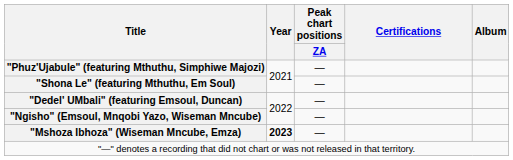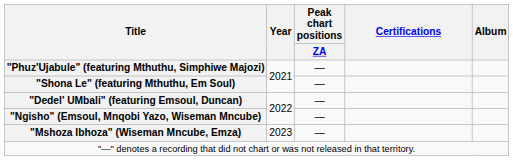 <table class="wikitable plainrowheaders" style="text-align:center;">
 <tr>
 <th scope="col" rowspan="2">Title</th>
 <th scope="col" rowspan="2">Year</th>
 <th scope="col" colspan="1">Peak chart positions</th>
 <th scope="col" rowspan="2" style="width:12em;"><a href='#'>Certifications</a></th>
 <th scope="col" rowspan="2">Album</th>
 </tr>
 <tr>
 <th scope="col" style="width:3em;font-size:100%;"><a href='#'>ZA</a><br></th>
 </tr>
 <tr>
 <th scope="row">"Phuz'Ujabule" (featuring Mthuthu, Simphiwe Majozi)</th>
 <td rowspan=2>2021</td>
 <td>—</td>
 <td></td>
 <td></td>
 </tr>
 <tr>
 <th scope="row">"Shona Le" (featuring Mthuthu, Em Soul)</th>
 <td>—</td>
 <td></td>
 <td></td>
 </tr>
 <tr>
 <th scope="row">"Dedel' UMbali" (featuring Emsoul, Duncan)</th>
 <td rowspan=2>2022</td>
 <td>—</td>
 <td></td>
 <td></td>
 </tr>
 <tr>
 <th scope="row">"Ngisho" (Emsoul, Mnqobi Yazo, Wiseman Mncube)</th>
 <td>—</td>
 <td></td>
 <td></td>
 </tr>
 <tr>
 <th scope="row">"Mshoza Ibhoza" (Wiseman Mncube, Emza)</th>
-<td><strong>2023</strong></td>
+<td>2023</td>
 <td>—</td>
 <td></td>
 <td></td>
 </tr>
 <tr>
 <td colspan="8" style="font-size:90%">"—" denotes a recording that did not chart or was not released in that territory.</td>
 </tr>
 </table>
